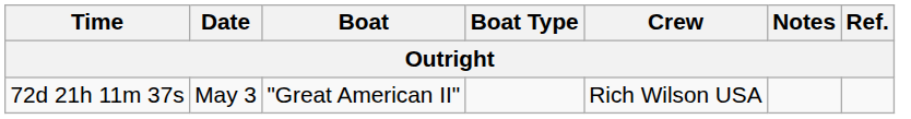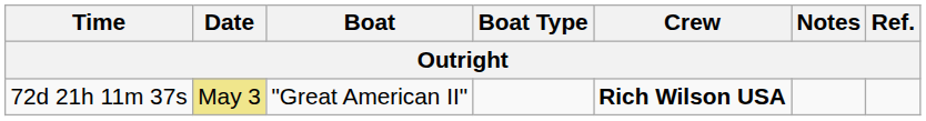 <table class="wikitable sortable">
 <tr>
 <th>Time</th>
 <th>Date</th>
 <th>Boat</th>
 <th>Boat Type</th>
 <th>Crew</th>
 <th>Notes</th>
 <th>Ref.</th>
 </tr>
 <tr>
 <th colspan=7>Outright</th>
 </tr>
 <tr>
 <td>72d 21h 11m 37s</td>
-<td>May 3</td>
+<td style="background: khaki;">May 3</td>
 <td>"Great American II"</td>
 <td></td>
-<td>Rich Wilson	USA</td>
+<td><strong>Rich Wilson	USA</strong></td>
 <td></td>
 <td></td>
 </tr>
 </table>
